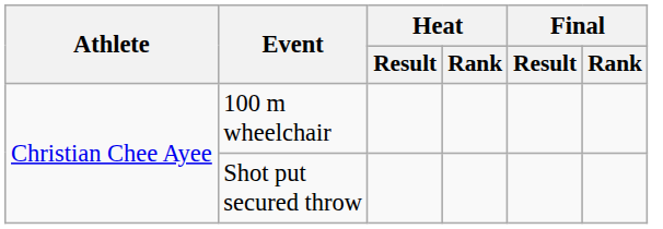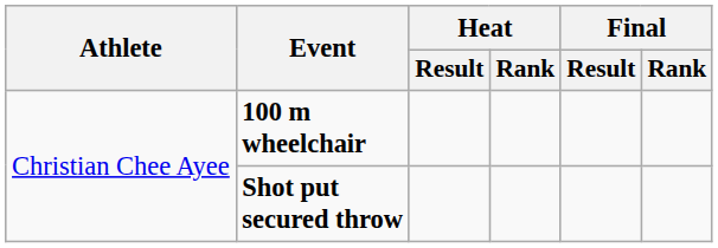 <table class="wikitable" style="font-size:90%">
 <tr>
 <th rowspan="2">Athlete</th>
 <th rowspan="2">Event</th>
 <th colspan="2">Heat</th>
 <th colspan="2">Final</th>
 </tr>
 <tr style="font-size:95%">
 <th>Result</th>
 <th>Rank</th>
 <th>Result</th>
 <th>Rank</th>
 </tr>
 <tr style=text-align:center>
 <td style=text-align:left rowspan=2><a href='#'>Christian Chee Ayee</a></td>
-<td style=text-align:left>100 m<br>wheelchair</td>
+<td style=text-align:left><strong>100 m<br>wheelchair</strong></td>
 <td></td>
 <td></td>
 <td></td>
 <td></td>
 </tr>
 <tr style=text-align:center>
-<td style=text-align:left>Shot put<br>secured throw</td>
+<td style=text-align:left><strong>Shot put<br>secured throw</strong></td>
 <td></td>
 <td></td>
 <td></td>
 <td></td>
 </tr>
 </table>
